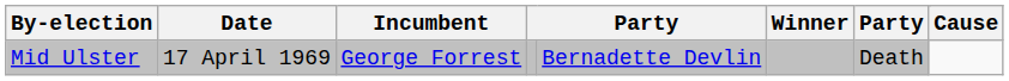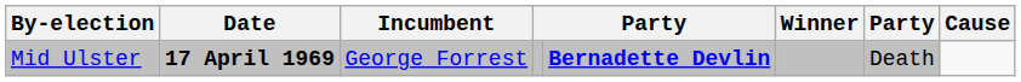 <table class=wikitable>
 <tr>
 <th>By-election</th>
 <th>Date</th>
 <th>Incumbent</th>
 <th colspan=2>Party</th>
 <th>Winner</th>
 <th colspan=2>Party</th>
 <th>Cause</th>
 </tr>
 <tr bgcolor="#c0c0c0">
 <td><a href='#'>Mid Ulster</a></td>
-<td>17 April 1969</td>
+<td><strong>17 April 1969</strong></td>
 <td><a href='#'>George Forrest</a></td>
 <td></td>
-<td><a href='#'>Bernadette Devlin</a></td>
+<td><strong><a href='#'>Bernadette Devlin</a></strong></td>
 <td></td>
 <td>Death</td>
 </tr>
 </table>
